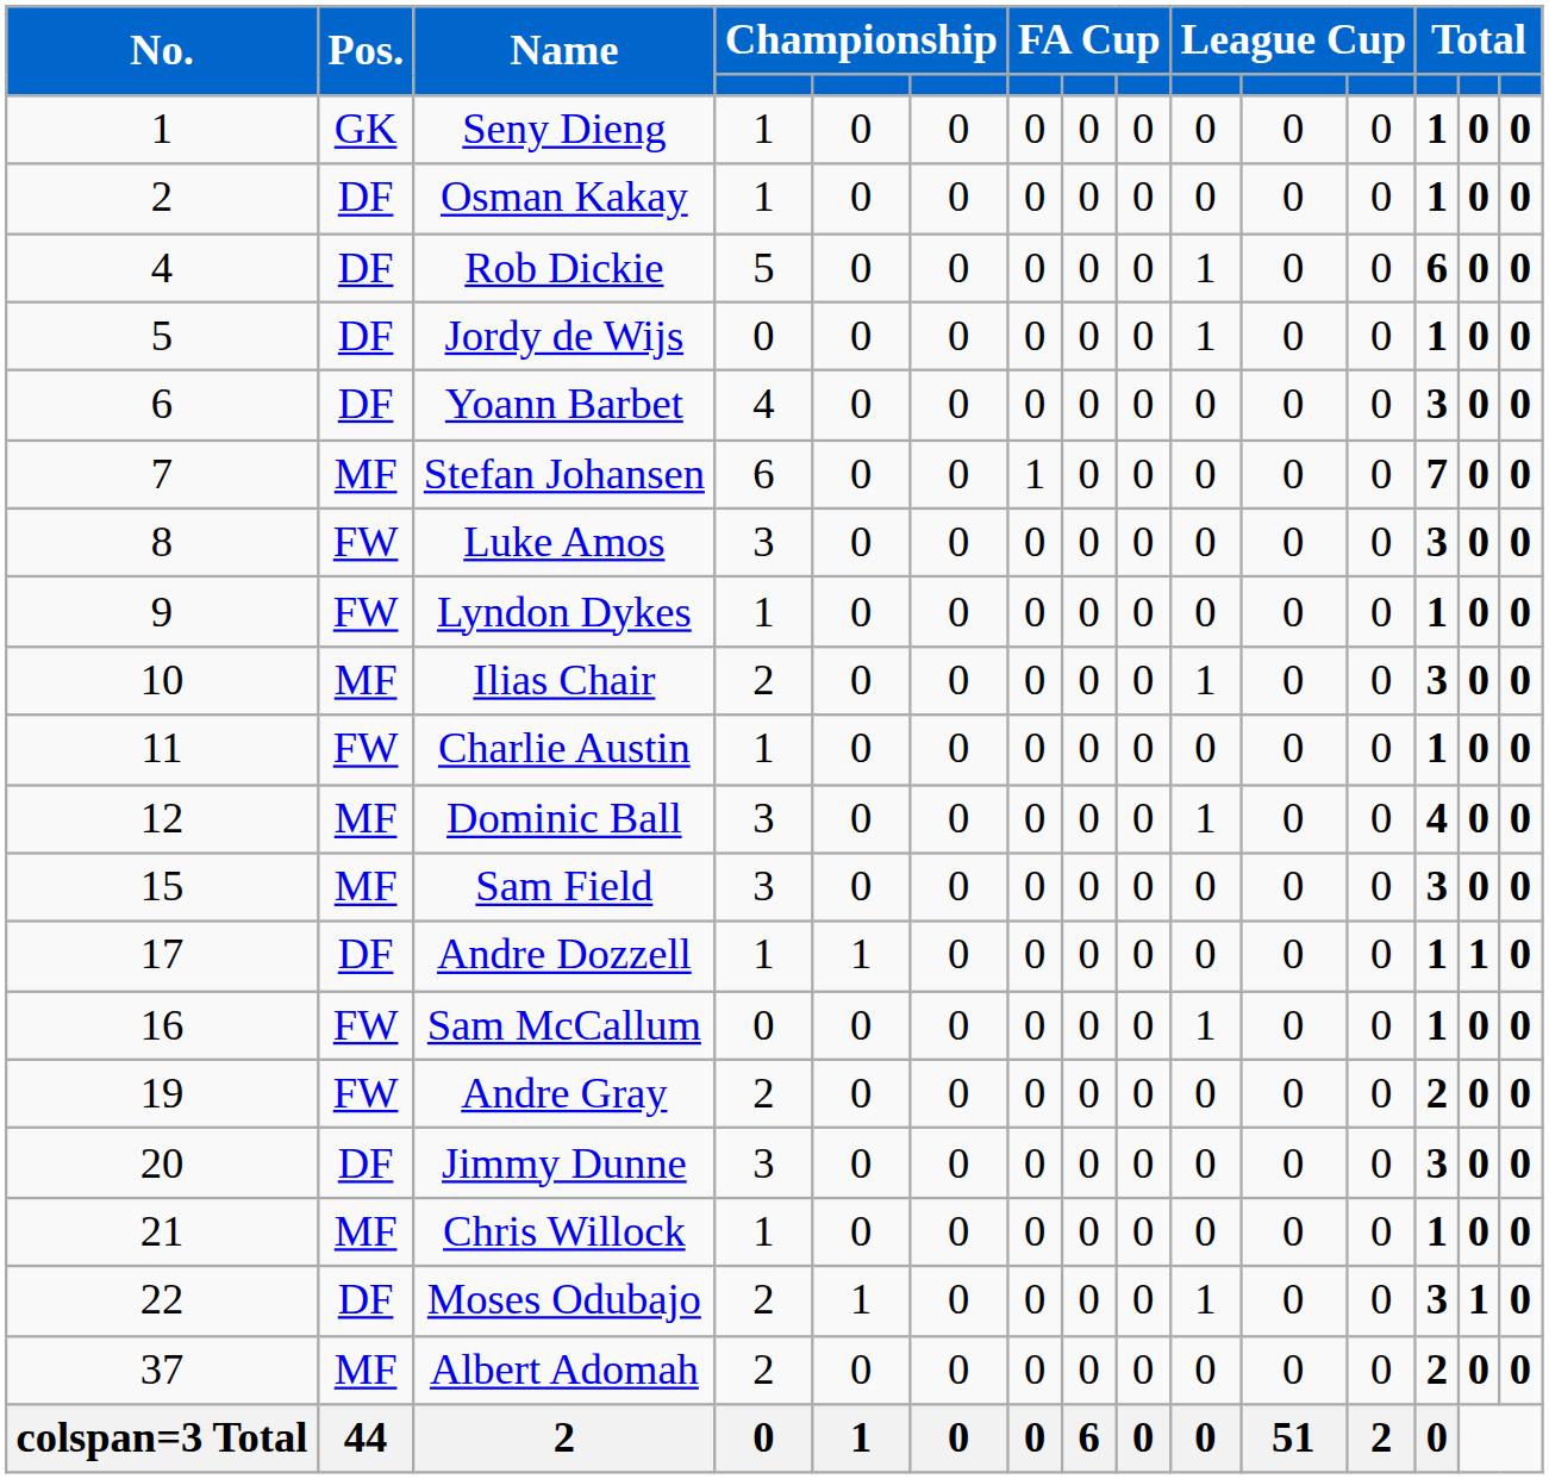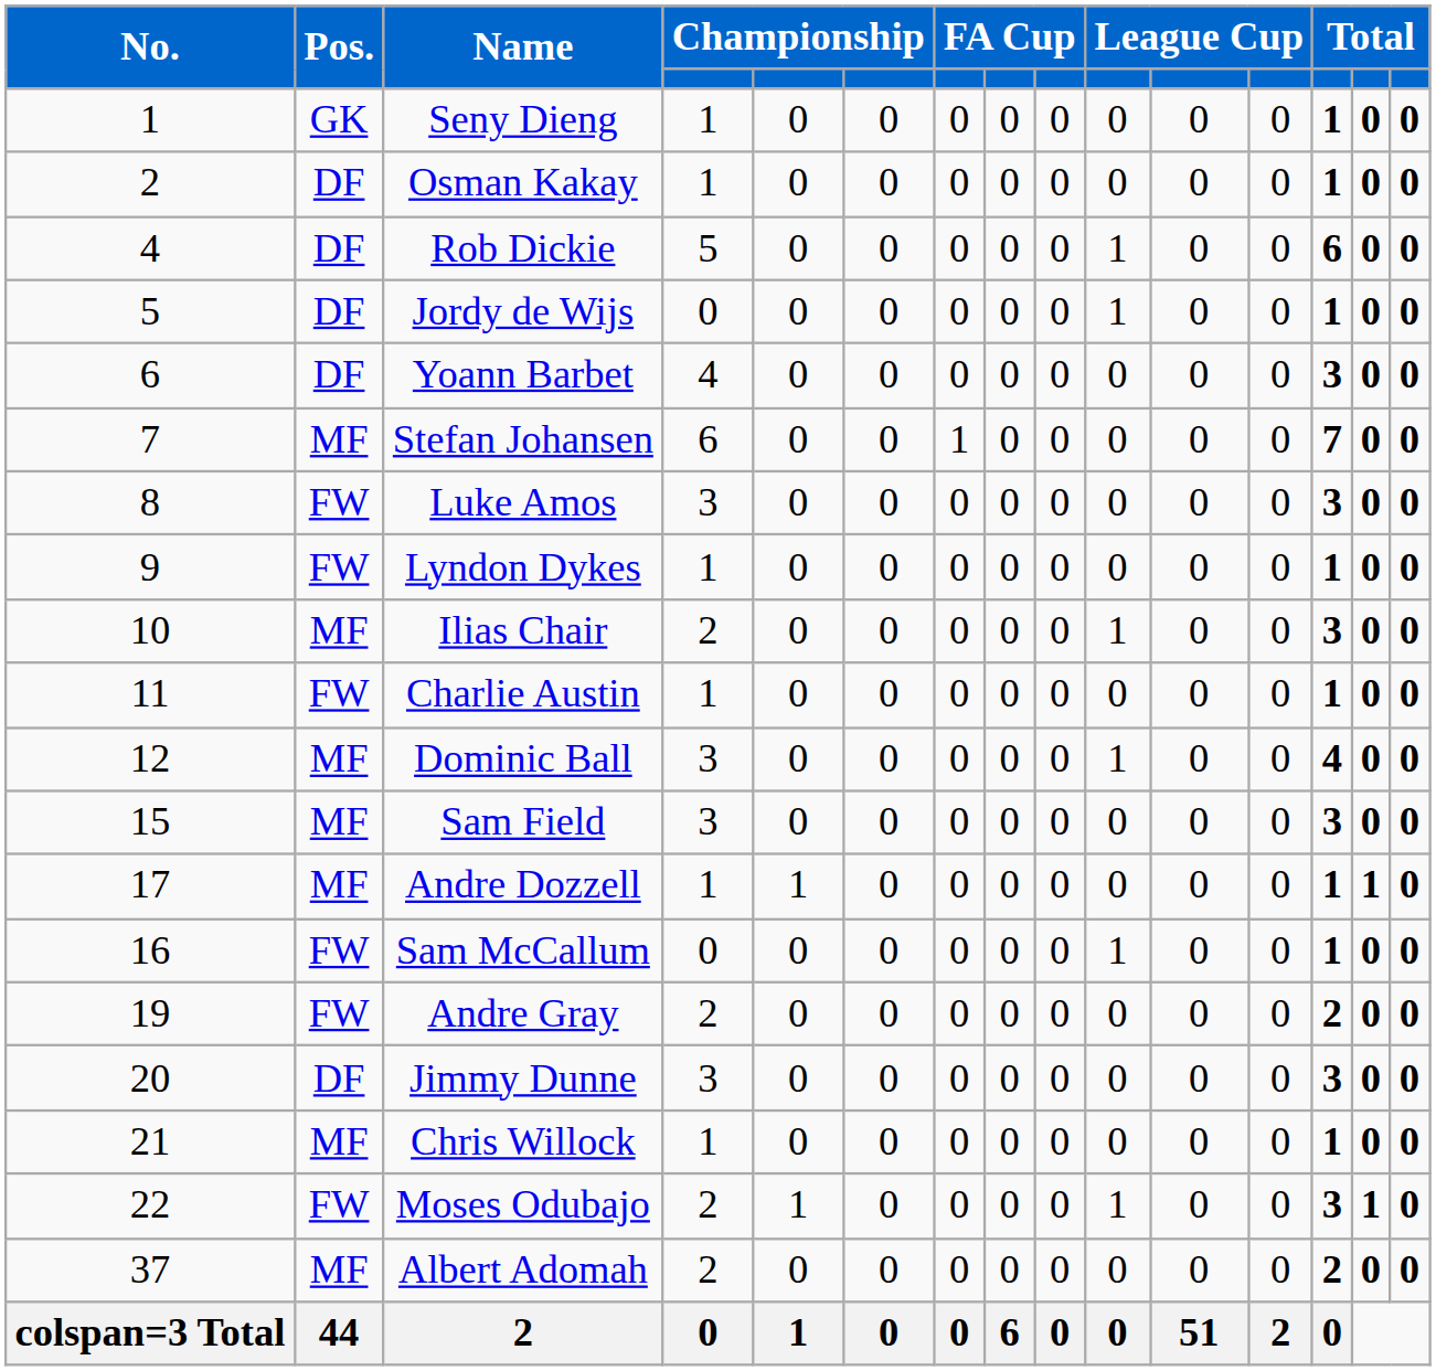 <table class="wikitable sortable" style="text-align: center;">
 <tr>
 <th rowspan= 2 style=background-color:#0066CC;color:#FFFFFF>No.</th>
 <th rowspan= 2 style=background-color:#0066CC;color:#FFFFFF>Pos.</th>
 <th rowspan= 2 style=background-color:#0066CC;color:#FFFFFF>Name</th>
 <th colspan= 3 style=background-color:#0066CC;color:#FFFFFF>Championship</th>
 <th colspan= 3 style=background-color:#0066CC;color:#FFFFFF>FA Cup</th>
 <th colspan= 3 style=background-color:#0066CC;color:#FFFFFF>League Cup</th>
 <th colspan= 3 style=background-color:#0066CC;color:#FFFFFF>Total</th>
 </tr>
 <tr>
 <th style=background-color:#0066CC;color:#FFFFFF></th>
 <th style=background-color:#0066CC;color:#FFFFFF></th>
 <th style=background-color:#0066CC;color:#FFFFFF></th>
 <th style=background-color:#0066CC;color:#FFFFFF></th>
 <th style=background-color:#0066CC;color:#FFFFFF></th>
 <th style=background-color:#0066CC;color:#FFFFFF></th>
 <th style=background-color:#0066CC;color:#FFFFFF></th>
 <th style=background-color:#0066CC;color:#FFFFFF></th>
 <th style=background-color:#0066CC;color:#FFFFFF></th>
 <th style=background-color:#0066CC;color:#FFFFFF></th>
 <th style=background-color:#0066CC;color:#FFFFFF></th>
 <th style=background-color:#0066CC;color:#FFFFFF></th>
 </tr>
 <tr>
 <td>1</td>
 <td><a href='#'>GK</a></td>
 <td><a href='#'>Seny Dieng</a></td>
 <td>1</td>
 <td>0</td>
 <td>0</td>
 <td>0</td>
 <td>0</td>
 <td>0</td>
 <td>0</td>
 <td>0</td>
 <td>0</td>
 <td><strong>1</strong></td>
 <td><strong>0</strong></td>
 <td><strong>0</strong></td>
 </tr>
 <tr>
 <td>2</td>
 <td><a href='#'>DF</a></td>
 <td><a href='#'>Osman Kakay</a></td>
 <td>1</td>
 <td>0</td>
 <td>0</td>
 <td>0</td>
 <td>0</td>
 <td>0</td>
 <td>0</td>
 <td>0</td>
 <td>0</td>
 <td><strong>1</strong></td>
 <td><strong>0</strong></td>
 <td><strong>0</strong></td>
 </tr>
 <tr>
 <td>4</td>
 <td><a href='#'>DF</a></td>
 <td><a href='#'>Rob Dickie</a></td>
 <td>5</td>
 <td>0</td>
 <td>0</td>
 <td>0</td>
 <td>0</td>
 <td>0</td>
 <td>1</td>
 <td>0</td>
 <td>0</td>
 <td><strong>6</strong></td>
 <td><strong>0</strong></td>
 <td><strong>0</strong></td>
 </tr>
 <tr>
 <td>5</td>
 <td><a href='#'>DF</a></td>
 <td><a href='#'>Jordy de Wijs</a></td>
 <td>0</td>
 <td>0</td>
 <td>0</td>
 <td>0</td>
 <td>0</td>
 <td>0</td>
 <td>1</td>
 <td>0</td>
 <td>0</td>
 <td><strong>1</strong></td>
 <td><strong>0</strong></td>
 <td><strong>0</strong></td>
 </tr>
 <tr>
 <td>6</td>
 <td><a href='#'>DF</a></td>
 <td><a href='#'>Yoann Barbet</a></td>
 <td>4</td>
 <td>0</td>
 <td>0</td>
 <td>0</td>
 <td>0</td>
 <td>0</td>
 <td>0</td>
 <td>0</td>
 <td>0</td>
 <td><strong>3</strong></td>
 <td><strong>0</strong></td>
 <td><strong>0</strong></td>
 </tr>
 <tr>
 <td>7</td>
 <td><a href='#'>MF</a></td>
 <td><a href='#'>Stefan Johansen</a></td>
 <td>6</td>
 <td>0</td>
 <td>0</td>
 <td>1</td>
 <td>0</td>
 <td>0</td>
 <td>0</td>
 <td>0</td>
 <td>0</td>
 <td><strong>7</strong></td>
 <td><strong>0</strong></td>
 <td><strong>0</strong></td>
 </tr>
 <tr>
 <td>8</td>
 <td><a href='#'>FW</a></td>
 <td><a href='#'>Luke Amos</a></td>
 <td>3</td>
 <td>0</td>
 <td>0</td>
 <td>0</td>
 <td>0</td>
 <td>0</td>
 <td>0</td>
 <td>0</td>
 <td>0</td>
 <td><strong>3</strong></td>
 <td><strong>0</strong></td>
 <td><strong>0</strong></td>
 </tr>
 <tr>
 <td>9</td>
 <td><a href='#'>FW</a></td>
 <td><a href='#'>Lyndon Dykes</a></td>
 <td>1</td>
 <td>0</td>
 <td>0</td>
 <td>0</td>
 <td>0</td>
 <td>0</td>
 <td>0</td>
 <td>0</td>
 <td>0</td>
 <td><strong>1</strong></td>
 <td><strong>0</strong></td>
 <td><strong>0</strong></td>
 </tr>
 <tr>
 <td>10</td>
 <td><a href='#'>MF</a></td>
 <td><a href='#'>Ilias Chair</a></td>
 <td>2</td>
 <td>0</td>
 <td>0</td>
 <td>0</td>
 <td>0</td>
 <td>0</td>
 <td>1</td>
 <td>0</td>
 <td>0</td>
 <td><strong>3</strong></td>
 <td><strong>0</strong></td>
 <td><strong>0</strong></td>
 </tr>
 <tr>
 <td>11</td>
 <td><a href='#'>FW</a></td>
 <td><a href='#'>Charlie Austin</a></td>
 <td>1</td>
 <td>0</td>
 <td>0</td>
 <td>0</td>
 <td>0</td>
 <td>0</td>
 <td>0</td>
 <td>0</td>
 <td>0</td>
 <td><strong>1</strong></td>
 <td><strong>0</strong></td>
 <td><strong>0</strong></td>
 </tr>
 <tr>
 <td>12</td>
 <td><a href='#'>MF</a></td>
 <td><a href='#'>Dominic Ball</a></td>
 <td>3</td>
 <td>0</td>
 <td>0</td>
 <td>0</td>
 <td>0</td>
 <td>0</td>
 <td>1</td>
 <td>0</td>
 <td>0</td>
 <td><strong>4</strong></td>
 <td><strong>0</strong></td>
 <td><strong>0</strong></td>
 </tr>
 <tr>
 <td>15</td>
 <td><a href='#'>MF</a></td>
 <td><a href='#'>Sam Field</a></td>
 <td>3</td>
 <td>0</td>
 <td>0</td>
 <td>0</td>
 <td>0</td>
 <td>0</td>
 <td>0</td>
 <td>0</td>
 <td>0</td>
 <td><strong>3</strong></td>
 <td><strong>0</strong></td>
 <td><strong>0</strong></td>
 </tr>
 <tr>
 <td>17</td>
-<td><a href='#'>DF</a></td>
+<td><a href='#'>MF</a></td>
 <td><a href='#'>Andre Dozzell</a></td>
 <td>1</td>
 <td>1</td>
 <td>0</td>
 <td>0</td>
 <td>0</td>
 <td>0</td>
 <td>0</td>
 <td>0</td>
 <td>0</td>
 <td><strong>1</strong></td>
 <td><strong>1</strong></td>
 <td><strong>0</strong></td>
 </tr>
 <tr>
 <td>16</td>
 <td><a href='#'>FW</a></td>
 <td><a href='#'>Sam McCallum</a></td>
 <td>0</td>
 <td>0</td>
 <td>0</td>
 <td>0</td>
 <td>0</td>
 <td>0</td>
 <td>1</td>
 <td>0</td>
 <td>0</td>
 <td><strong>1</strong></td>
 <td><strong>0</strong></td>
 <td><strong>0</strong></td>
 </tr>
 <tr>
 <td>19</td>
 <td><a href='#'>FW</a></td>
 <td><a href='#'>Andre Gray</a></td>
 <td>2</td>
 <td>0</td>
 <td>0</td>
 <td>0</td>
 <td>0</td>
 <td>0</td>
 <td>0</td>
 <td>0</td>
 <td>0</td>
 <td><strong>2</strong></td>
 <td><strong>0</strong></td>
 <td><strong>0</strong></td>
 </tr>
 <tr>
 <td>20</td>
 <td><a href='#'>DF</a></td>
 <td><a href='#'>Jimmy Dunne</a></td>
 <td>3</td>
 <td>0</td>
 <td>0</td>
 <td>0</td>
 <td>0</td>
 <td>0</td>
 <td>0</td>
 <td>0</td>
 <td>0</td>
 <td><strong>3</strong></td>
 <td><strong>0</strong></td>
 <td><strong>0</strong></td>
 </tr>
 <tr>
 <td>21</td>
 <td><a href='#'>MF</a></td>
 <td><a href='#'>Chris Willock</a></td>
 <td>1</td>
 <td>0</td>
 <td>0</td>
 <td>0</td>
 <td>0</td>
 <td>0</td>
 <td>0</td>
 <td>0</td>
 <td>0</td>
 <td><strong>1</strong></td>
 <td><strong>0</strong></td>
 <td><strong>0</strong></td>
 </tr>
 <tr>
 <td>22</td>
-<td><a href='#'>DF</a></td>
+<td><a href='#'>FW</a></td>
 <td><a href='#'>Moses Odubajo</a></td>
 <td>2</td>
 <td>1</td>
 <td>0</td>
 <td>0</td>
 <td>0</td>
 <td>0</td>
 <td>1</td>
 <td>0</td>
 <td>0</td>
 <td><strong>3</strong></td>
 <td><strong>1</strong></td>
 <td><strong>0</strong></td>
 </tr>
 <tr>
 <td>37</td>
 <td><a href='#'>MF</a></td>
 <td><a href='#'>Albert Adomah</a></td>
 <td>2</td>
 <td>0</td>
 <td>0</td>
 <td>0</td>
 <td>0</td>
 <td>0</td>
 <td>0</td>
 <td>0</td>
 <td>0</td>
 <td><strong>2</strong></td>
 <td><strong>0</strong></td>
 <td><strong>0</strong></td>
 </tr>
 <tr>
 <th>colspan=3 Total</th>
 <th>44</th>
 <th>2</th>
 <th>0</th>
 <th>1</th>
 <th>0</th>
 <th>0</th>
 <th>6</th>
 <th>0</th>
 <th>0</th>
 <th><strong>51</strong></th>
 <th><strong>2</strong></th>
 <th><strong>0</strong></th>
 </tr>
 </table>
